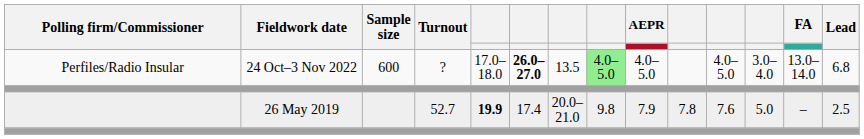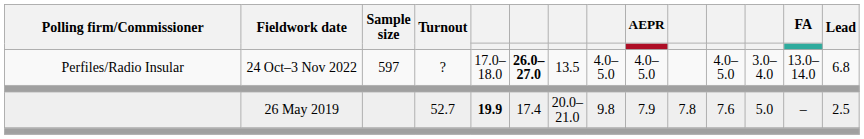 <table class="wikitable collapsible collapsed" style="text-align:center; font-size:95%; line-height:16px;">
 <tr style="height:42px;">
 <th style="width:250px;" rowspan="2">Polling firm/Commissioner</th>
 <th style="width:125px;" rowspan="2">Fieldwork date</th>
 <th style="width:50px;" rowspan="2">Sample size</th>
 <th style="width:45px;" rowspan="2">Turnout</th>
 <th style="width:35px;"></th>
 <th style="width:35px;"></th>
 <th style="width:35px;"></th>
 <th style="width:35px;"></th>
 <th style="width:35px; font-size:95%;">AEPR</th>
 <th style="width:35px;"></th>
 <th style="width:35px;"></th>
 <th style="width:35px;"></th>
 <th style="width:35px;">FA</th>
 <th style="width:30px;" rowspan="2">Lead</th>
 </tr>
 <tr>
 <th style="color:inherit;background:"></th>
 <th style="color:inherit;background:"></th>
 <th style="color:inherit;background:"></th>
 <th style="color:inherit;background:"></th>
 <th style="color:inherit;background:#AE0E26;"></th>
 <th style="color:inherit;background:"></th>
 <th style="color:inherit;background:"></th>
 <th style="color:inherit;background:"></th>
 <th style="color:inherit;background:#2EAB9D;"></th>
 </tr>
 <tr>
 <td>Perfiles/Radio Insular</td>
 <td>24 Oct–3 Nov 2022</td>
-<td>600</td>
+<td>597</td>
 <td>?</td>
 <td>17.0–<br>18.0<br></td>
 <td><strong>26.0–<br>27.0</strong><br></td>
 <td>13.5<br></td>
-<td style="background: lightgreen;">4.0–<br>5.0<br></td>
+<td>4.0–<br>5.0<br></td>
 <td>4.0–<br>5.0<br></td>
 <td></td>
 <td>4.0–<br>5.0<br></td>
 <td>3.0–<br>4.0<br></td>
 <td>13.0–<br>14.0<br></td>
 <td style="background:">6.8</td>
 </tr>
 <tr>
 <td colspan="14" style="background:#A0A0A0"></td>
 </tr>
 <tr style="background:#EFEFEF;">
 <td><strong></strong></td>
 <td>26 May 2019</td>
 <td></td>
 <td>52.7</td>
 <td><strong>19.9</strong><br></td>
 <td>17.4<br></td>
 <td>20.0–<br>21.0<br></td>
 <td>9.8<br></td>
 <td>7.9<br></td>
 <td>7.8<br></td>
 <td>7.6<br></td>
 <td>5.0<br></td>
 <td>–</td>
 <td style="background:">2.5</td>
 </tr>
 <tr>
 <td colspan="14" style="background:#A0A0A0"></td>
 </tr>
 </table>
